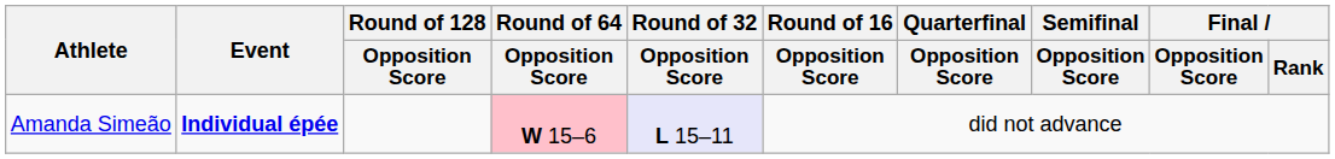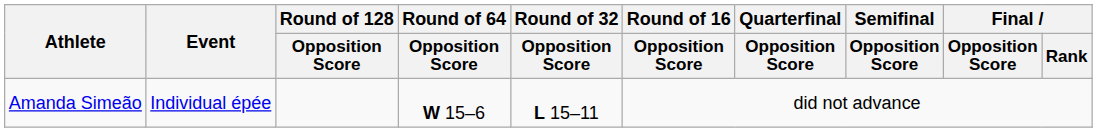 <table class="wikitable" style="font-size:90%">
 <tr>
 <th rowspan="2">Athlete</th>
 <th rowspan="2">Event</th>
 <th>Round of 128</th>
 <th>Round of 64</th>
 <th>Round of 32</th>
 <th>Round of 16</th>
 <th>Quarterfinal</th>
 <th>Semifinal</th>
 <th colspan=2>Final / </th>
 </tr>
 <tr style="font-size:95%">
 <th>Opposition <br> Score</th>
 <th>Opposition <br> Score</th>
 <th>Opposition <br> Score</th>
 <th>Opposition <br> Score</th>
 <th>Opposition <br> Score</th>
 <th>Opposition <br> Score</th>
 <th>Opposition <br> Score</th>
 <th>Rank</th>
 </tr>
 <tr align=center>
 <td align=left><a href='#'>Amanda Simeão</a></td>
-<td align=left><strong><a href='#'>Individual épée</a></strong></td>
+<td align=left><a href='#'>Individual épée</a></td>
 <td></td>
-<td style="background: pink;"><br><strong>W</strong> 15–6</td>
-<td style="background: lavender;"><br><strong>L</strong> 15–11</td>
+<td><br><strong>W</strong> 15–6</td>
+<td><br><strong>L</strong> 15–11</td>
 <td colspan=5>did not advance</td>
 </tr>
 </table>
